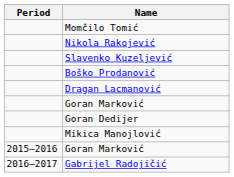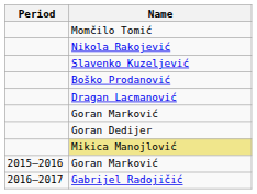 <table class="wikitable">
 <tr>
 <th width="75">Period</th>
 <th width="225">Name</th>
 </tr>
 <tr>
 <td></td>
 <td> Momčilo Tomić</td>
 </tr>
 <tr>
 <td></td>
 <td> <a href='#'>Nikola Rakojević</a></td>
 </tr>
 <tr>
 <td></td>
 <td> <a href='#'>Slavenko Kuzeljević</a></td>
 </tr>
 <tr>
 <td></td>
 <td> <a href='#'>Boško Prodanović</a></td>
 </tr>
 <tr>
 <td></td>
 <td> <a href='#'>Dragan Lacmanović</a></td>
 </tr>
 <tr>
 <td></td>
 <td> Goran Marković</td>
 </tr>
 <tr>
 <td></td>
 <td> Goran Dedijer</td>
 </tr>
 <tr>
 <td></td>
-<td> Mikica Manojlović</td>
+<td style="background: khaki;"> Mikica Manojlović</td>
 </tr>
 <tr>
 <td>2015–2016</td>
 <td> Goran Marković</td>
 </tr>
 <tr>
 <td>2016–2017</td>
 <td> <a href='#'>Gabrijel Radojičić</a></td>
 </tr>
 </table>
